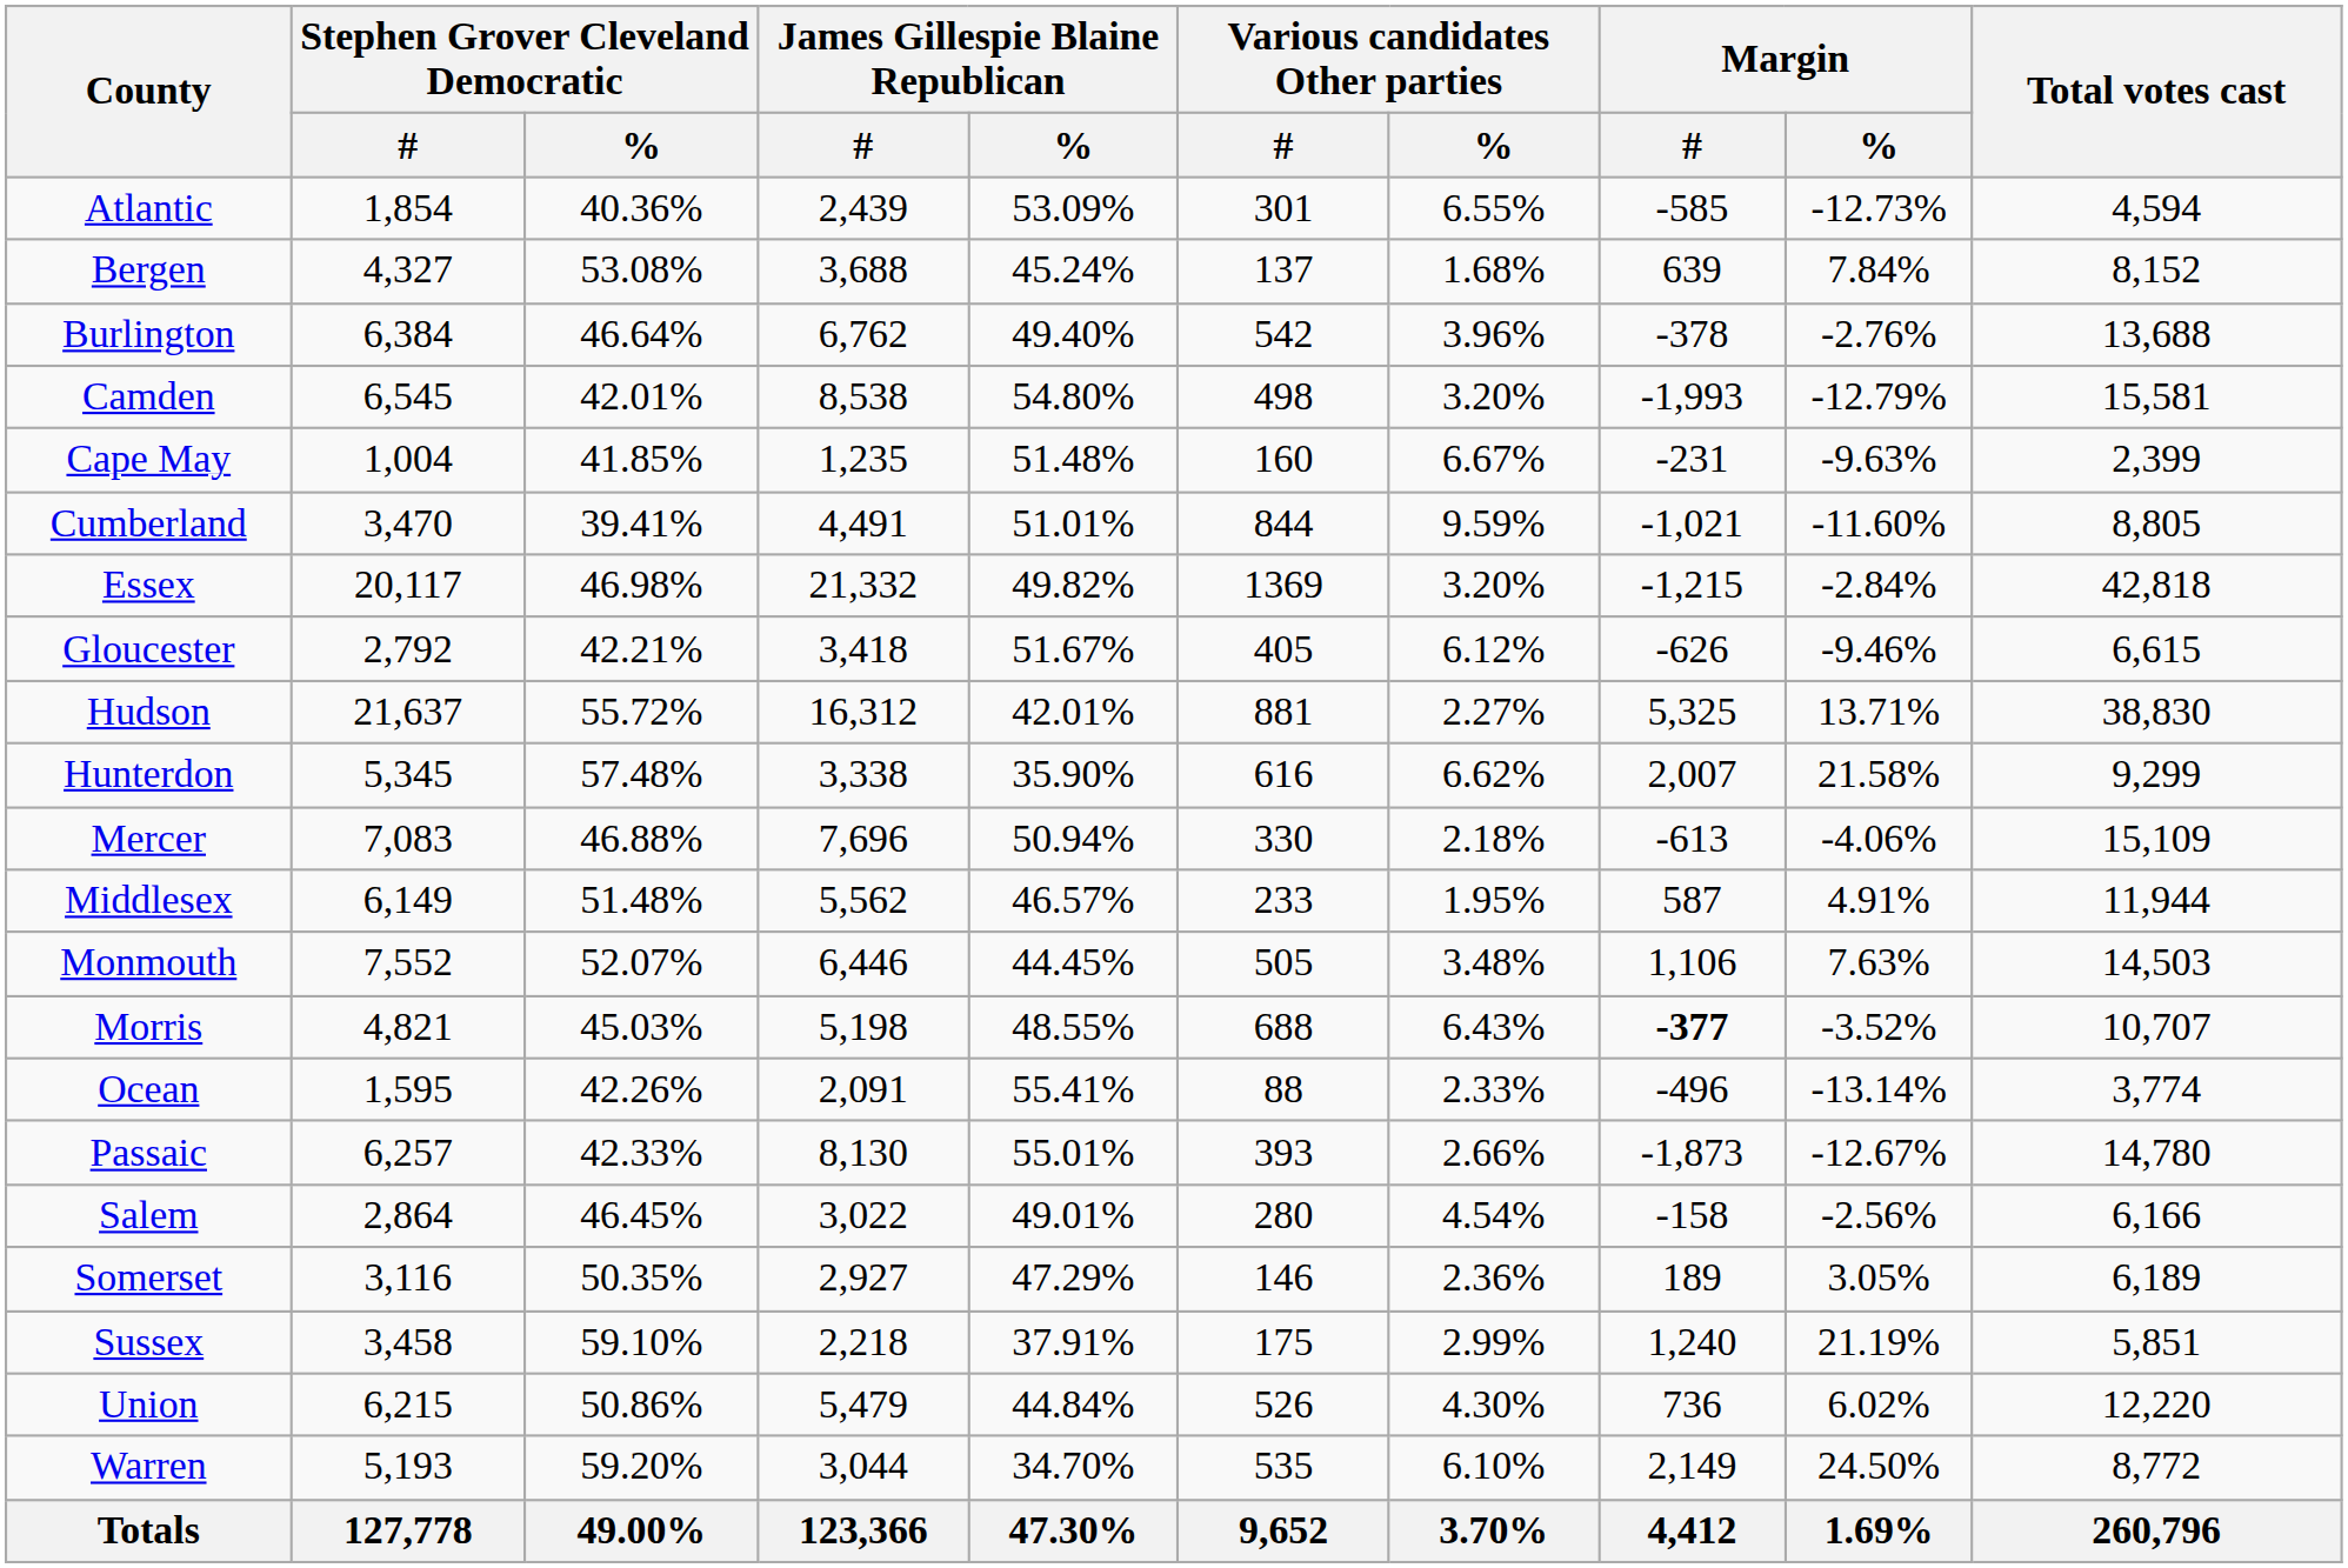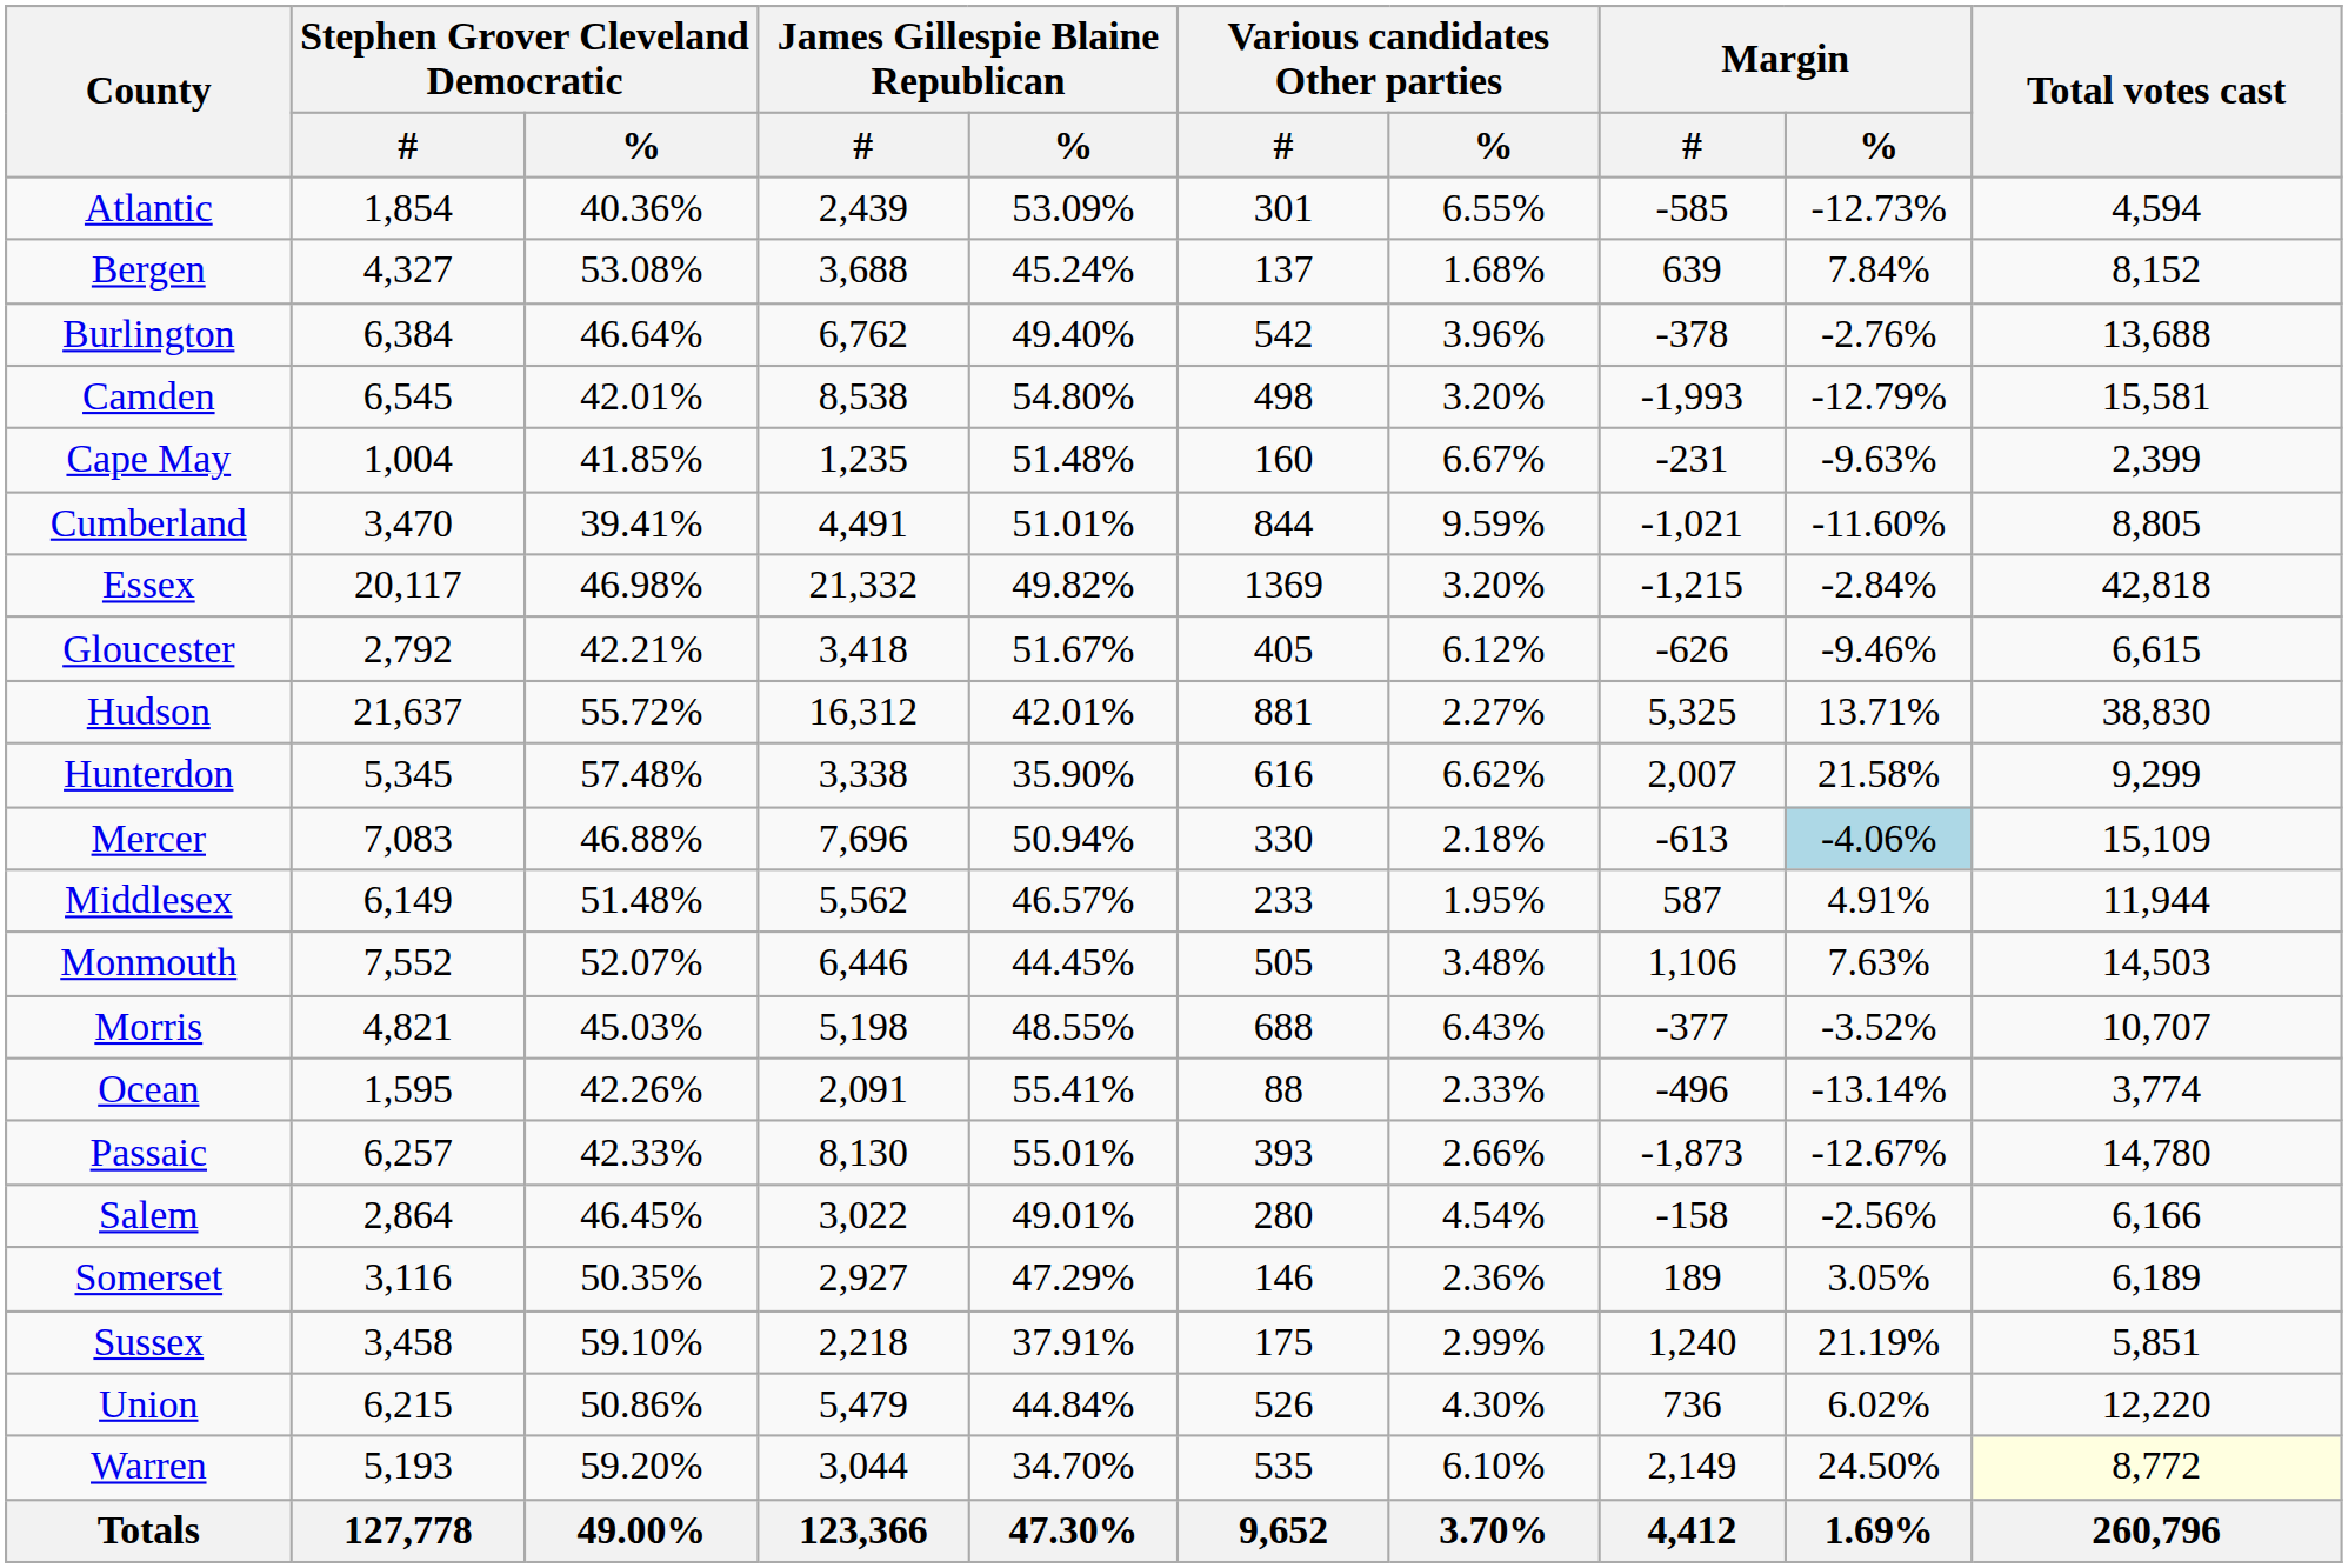 <table class="wikitable sortable">
 <tr>
 <th rowspan="2">County</th>
 <th colspan="2">Stephen Grover Cleveland<br>Democratic</th>
 <th colspan="2">James Gillespie Blaine<br>Republican</th>
 <th colspan="2">Various candidates<br>Other parties</th>
 <th colspan="2">Margin</th>
 <th rowspan="2">Total votes cast </th>
 </tr>
 <tr>
 <th width="10%" data-sort-type="number">#</th>
 <th width="10%" data-sort-type="number">%</th>
 <th width="9%" data-sort-type="number">#</th>
 <th width="9%" data-sort-type="number">%</th>
 <th width="9%" data-sort-type="number">#</th>
 <th width="9%" data-sort-type="number">%</th>
 <th width="8%" data-sort-type="number">#</th>
 <th width="8%" data-sort-type="number">%</th>
 </tr>
 <tr style="text-align:center;">
 <td><a href='#'>Atlantic</a></td>
 <td>1,854</td>
 <td>40.36%</td>
 <td>2,439</td>
 <td>53.09%</td>
 <td>301</td>
 <td>6.55%</td>
 <td>-585</td>
 <td>-12.73%</td>
 <td>4,594</td>
 </tr>
 <tr style="text-align:center;">
 <td><a href='#'>Bergen</a></td>
 <td>4,327</td>
 <td>53.08%</td>
 <td>3,688</td>
 <td>45.24%</td>
 <td>137</td>
 <td>1.68%</td>
 <td>639</td>
 <td>7.84%</td>
 <td>8,152</td>
 </tr>
 <tr style="text-align:center;">
 <td><a href='#'>Burlington</a></td>
 <td>6,384</td>
 <td>46.64%</td>
 <td>6,762</td>
 <td>49.40%</td>
 <td>542</td>
 <td>3.96%</td>
 <td>-378</td>
 <td>-2.76%</td>
 <td>13,688</td>
 </tr>
 <tr style="text-align:center;">
 <td><a href='#'>Camden</a></td>
 <td>6,545</td>
 <td>42.01%</td>
 <td>8,538</td>
 <td>54.80%</td>
 <td>498</td>
 <td>3.20%</td>
 <td>-1,993</td>
 <td>-12.79%</td>
 <td>15,581</td>
 </tr>
 <tr style="text-align:center;">
 <td><a href='#'>Cape May</a></td>
 <td>1,004</td>
 <td>41.85%</td>
 <td>1,235</td>
 <td>51.48%</td>
 <td>160</td>
 <td>6.67%</td>
 <td>-231</td>
 <td>-9.63%</td>
 <td>2,399</td>
 </tr>
 <tr style="text-align:center;">
 <td><a href='#'>Cumberland</a></td>
 <td>3,470</td>
 <td>39.41%</td>
 <td>4,491</td>
 <td>51.01%</td>
 <td>844</td>
 <td>9.59%</td>
 <td>-1,021</td>
 <td>-11.60%</td>
 <td>8,805</td>
 </tr>
 <tr style="text-align:center;">
 <td><a href='#'>Essex</a></td>
 <td>20,117</td>
 <td>46.98%</td>
 <td>21,332</td>
 <td>49.82%</td>
 <td>1369</td>
 <td>3.20%</td>
 <td>-1,215</td>
 <td>-2.84%</td>
 <td>42,818</td>
 </tr>
 <tr style="text-align:center;">
 <td><a href='#'>Gloucester</a></td>
 <td>2,792</td>
 <td>42.21%</td>
 <td>3,418</td>
 <td>51.67%</td>
 <td>405</td>
 <td>6.12%</td>
 <td>-626</td>
 <td>-9.46%</td>
 <td>6,615</td>
 </tr>
 <tr style="text-align:center;">
 <td><a href='#'>Hudson</a></td>
 <td>21,637</td>
 <td>55.72%</td>
 <td>16,312</td>
 <td>42.01%</td>
 <td>881</td>
 <td>2.27%</td>
 <td>5,325</td>
 <td>13.71%</td>
 <td>38,830</td>
 </tr>
 <tr style="text-align:center;">
 <td><a href='#'>Hunterdon</a></td>
 <td>5,345</td>
 <td>57.48%</td>
 <td>3,338</td>
 <td>35.90%</td>
 <td>616</td>
 <td>6.62%</td>
 <td>2,007</td>
 <td>21.58%</td>
 <td>9,299</td>
 </tr>
 <tr style="text-align:center;">
 <td><a href='#'>Mercer</a></td>
 <td>7,083</td>
 <td>46.88%</td>
 <td>7,696</td>
 <td>50.94%</td>
 <td>330</td>
 <td>2.18%</td>
 <td>-613</td>
-<td>-4.06%</td>
+<td style="background: lightblue;">-4.06%</td>
 <td>15,109</td>
 </tr>
 <tr style="text-align:center;">
 <td><a href='#'>Middlesex</a></td>
 <td>6,149</td>
 <td>51.48%</td>
 <td>5,562</td>
 <td>46.57%</td>
 <td>233</td>
 <td>1.95%</td>
 <td>587</td>
 <td>4.91%</td>
 <td>11,944</td>
 </tr>
 <tr style="text-align:center;">
 <td><a href='#'>Monmouth</a></td>
 <td>7,552</td>
 <td>52.07%</td>
 <td>6,446</td>
 <td>44.45%</td>
 <td>505</td>
 <td>3.48%</td>
 <td>1,106</td>
 <td>7.63%</td>
 <td>14,503</td>
 </tr>
 <tr style="text-align:center;">
 <td><a href='#'>Morris</a></td>
 <td>4,821</td>
 <td>45.03%</td>
 <td>5,198</td>
 <td>48.55%</td>
 <td>688</td>
 <td>6.43%</td>
-<td><strong>-377</strong></td>
+<td>-377</td>
 <td>-3.52%</td>
 <td>10,707</td>
 </tr>
 <tr style="text-align:center;">
 <td><a href='#'>Ocean</a></td>
 <td>1,595</td>
 <td>42.26%</td>
 <td>2,091</td>
 <td>55.41%</td>
 <td>88</td>
 <td>2.33%</td>
 <td>-496</td>
 <td>-13.14%</td>
 <td>3,774</td>
 </tr>
 <tr style="text-align:center;">
 <td><a href='#'>Passaic</a></td>
 <td>6,257</td>
 <td>42.33%</td>
 <td>8,130</td>
 <td>55.01%</td>
 <td>393</td>
 <td>2.66%</td>
 <td>-1,873</td>
 <td>-12.67%</td>
 <td>14,780</td>
 </tr>
 <tr style="text-align:center;">
 <td><a href='#'>Salem</a></td>
 <td>2,864</td>
 <td>46.45%</td>
 <td>3,022</td>
 <td>49.01%</td>
 <td>280</td>
 <td>4.54%</td>
 <td>-158</td>
 <td>-2.56%</td>
 <td>6,166</td>
 </tr>
 <tr style="text-align:center;">
 <td><a href='#'>Somerset</a></td>
 <td>3,116</td>
 <td>50.35%</td>
 <td>2,927</td>
 <td>47.29%</td>
 <td>146</td>
 <td>2.36%</td>
 <td>189</td>
 <td>3.05%</td>
 <td>6,189</td>
 </tr>
 <tr style="text-align:center;">
 <td><a href='#'>Sussex</a></td>
 <td>3,458</td>
 <td>59.10%</td>
 <td>2,218</td>
 <td>37.91%</td>
 <td>175</td>
 <td>2.99%</td>
 <td>1,240</td>
 <td>21.19%</td>
 <td>5,851</td>
 </tr>
 <tr style="text-align:center;">
 <td><a href='#'>Union</a></td>
 <td>6,215</td>
 <td>50.86%</td>
 <td>5,479</td>
 <td>44.84%</td>
 <td>526</td>
 <td>4.30%</td>
 <td>736</td>
 <td>6.02%</td>
 <td>12,220</td>
 </tr>
 <tr style="text-align:center;">
 <td><a href='#'>Warren</a></td>
 <td>5,193</td>
 <td>59.20%</td>
 <td>3,044</td>
 <td>34.70%</td>
 <td>535</td>
 <td>6.10%</td>
 <td>2,149</td>
 <td>24.50%</td>
-<td>8,772</td>
+<td style="background: lightyellow;">8,772</td>
 </tr>
 <tr>
 <th>Totals</th>
 <th>127,778</th>
 <th>49.00%</th>
 <th>123,366</th>
 <th>47.30%</th>
 <th>9,652</th>
 <th>3.70%</th>
 <th>4,412</th>
 <th>1.69%</th>
 <th>260,796</th>
 </tr>
 </table>
